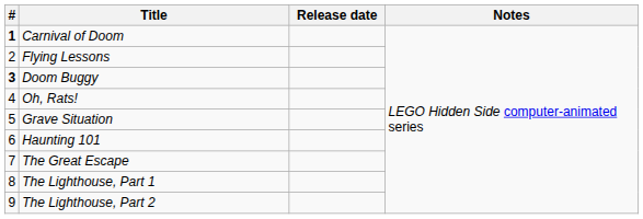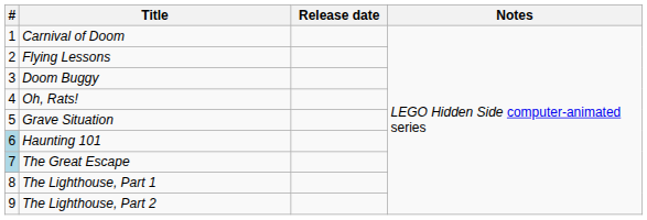 <table class="wikitable sortable">
 <tr>
 <th width=10>#</th>
 <th width=321>Title</th>
 <th width=110>Release date</th>
 <th width=300>Notes</th>
 </tr>
 <tr>
-<td align="center"><strong>1</strong></td>
+<td align="center">1</td>
 <td><em>Carnival of Doom</em></td>
 <td align="right"></td>
 <td rowspan="11"><em>LEGO Hidden Side</em> <a href='#'>computer-animated</a> series</td>
 </tr>
 <tr>
 <td align="center">2</td>
 <td><em>Flying Lessons</em></td>
 <td align="right"></td>
 </tr>
 <tr>
-<td align="center"><strong>3</strong></td>
+<td align="center">3</td>
 <td><em>Doom Buggy</em></td>
 <td align="right"></td>
 </tr>
 <tr>
 <td align="center">4</td>
 <td><em>Oh, Rats!</em></td>
 <td align="right"></td>
 </tr>
 <tr>
 <td align="center">5</td>
 <td><em>Grave Situation</em></td>
 <td align="right"></td>
 </tr>
 <tr>
-<td align="center">6</td>
+<td align="center" style="background: lightblue;">6</td>
 <td><em>Haunting 101</em></td>
 <td align="right"></td>
 </tr>
 <tr>
-<td align="center">7</td>
+<td align="center" style="background: lightblue;">7</td>
 <td><em>The Great Escape</em></td>
 <td align="right"></td>
 </tr>
 <tr>
 <td align="center">8</td>
 <td><em>The Lighthouse, Part 1</em></td>
 <td align="right"></td>
 </tr>
 <tr>
 <td align="center">9</td>
 <td><em>The Lighthouse, Part 2</em></td>
 <td align="right"></td>
 </tr>
 </table>
